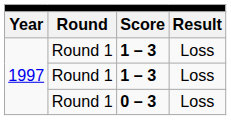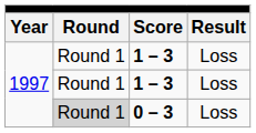 <table class="wikitable" style="text-align: center;">
 <tr>
 <th colspan=4 style="background: #000000; color: #FFFFFF;"><a href='#'></a></th>
 </tr>
 <tr>
 <th>Year</th>
 <th>Round</th>
 <th>Score</th>
 <th>Result</th>
 </tr>
 <tr>
 <td rowspan=3><a href='#'>1997</a></td>
 <td>Round 1</td>
 <td align="left"> <strong>1 – 3</strong> </td>
 <td>Loss</td>
 </tr>
 <tr>
 <td>Round 1</td>
 <td align="left"> <strong>1 – 3</strong> </td>
 <td>Loss</td>
 </tr>
 <tr>
-<td>Round 1</td>
+<td style="background: lightgrey;">Round 1</td>
 <td align="left"> <strong>0 – 3</strong> </td>
 <td>Loss</td>
 </tr>
 </table>
